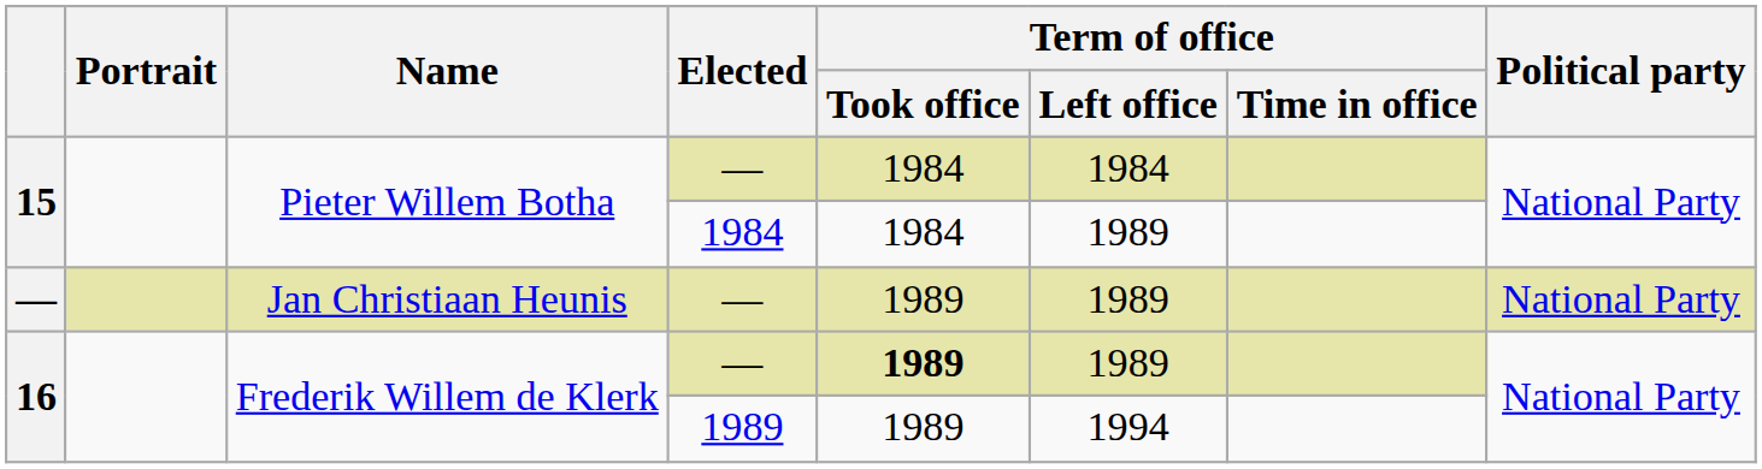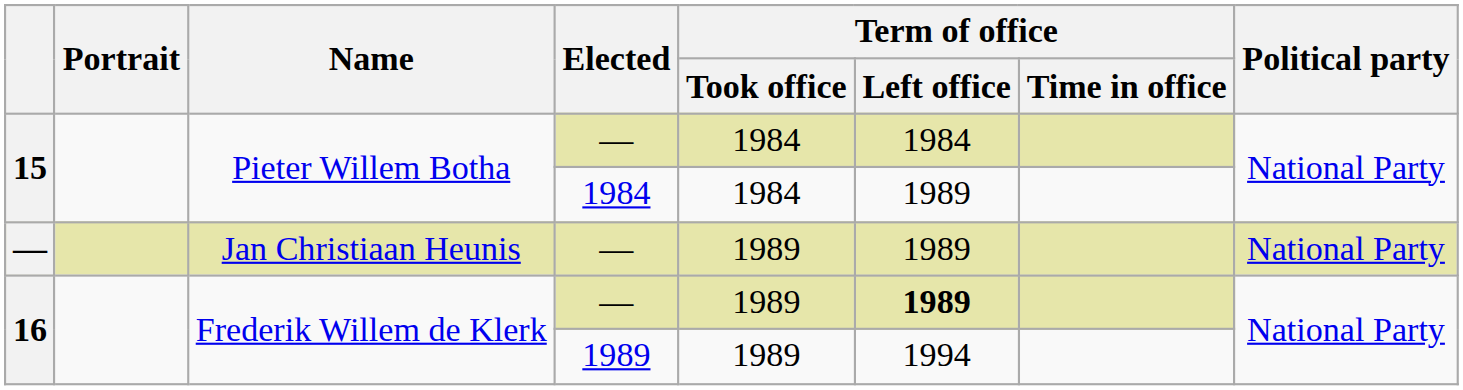 <table class="wikitable" style="font-size:100%;text-align:center">
 <tr>
 <th rowspan="2"></th>
 <th rowspan="2">Portrait</th>
 <th rowspan="2">Name<br></th>
 <th rowspan="2">Elected</th>
 <th colspan="3">Term of office</th>
 <th rowspan="2">Political party</th>
 </tr>
 <tr>
 <th>Took office</th>
 <th>Left office</th>
 <th>Time in office</th>
 </tr>
 <tr>
 <th rowspan=2 style="background:">15</th>
 <td rowspan=2></td>
 <td rowspan=2><a href='#'>Pieter Willem Botha</a><br></td>
 <td style="background:#e6e6aa;">—</td>
 <td style="background:#e6e6aa;"> 1984</td>
 <td style="background:#e6e6aa;"> 1984</td>
 <td style="background:#e6e6aa;"></td>
 <td rowspan=2><a href='#'>National Party</a></td>
 </tr>
 <tr>
 <td><a href='#'>1984</a></td>
 <td> 1984</td>
 <td> 1989<br></td>
 <td></td>
 </tr>
 <tr style="background:#e6e6aa;">
 <th style="background:">—</th>
 <td></td>
 <td><a href='#'>Jan Christiaan Heunis</a><br></td>
 <td>—</td>
 <td> 1989</td>
 <td> 1989</td>
 <td></td>
 <td><a href='#'>National Party</a></td>
 </tr>
 <tr>
 <th rowspan=2 style="background:">16</th>
 <td rowspan=2></td>
 <td rowspan=2><a href='#'>Frederik Willem de Klerk</a><br></td>
 <td style="background:#e6e6aa;">—</td>
+<td style="background:#e6e6aa;"> 1989</td>
 <td style="background:#e6e6aa;"><strong> 1989</strong></td>
-<td style="background:#e6e6aa;"> 1989</td>
 <td style="background:#e6e6aa;"></td>
 <td rowspan=2><a href='#'>National Party</a></td>
 </tr>
 <tr>
 <td><a href='#'>1989</a></td>
 <td> 1989</td>
 <td> 1994</td>
 <td></td>
 </tr>
 </table>
